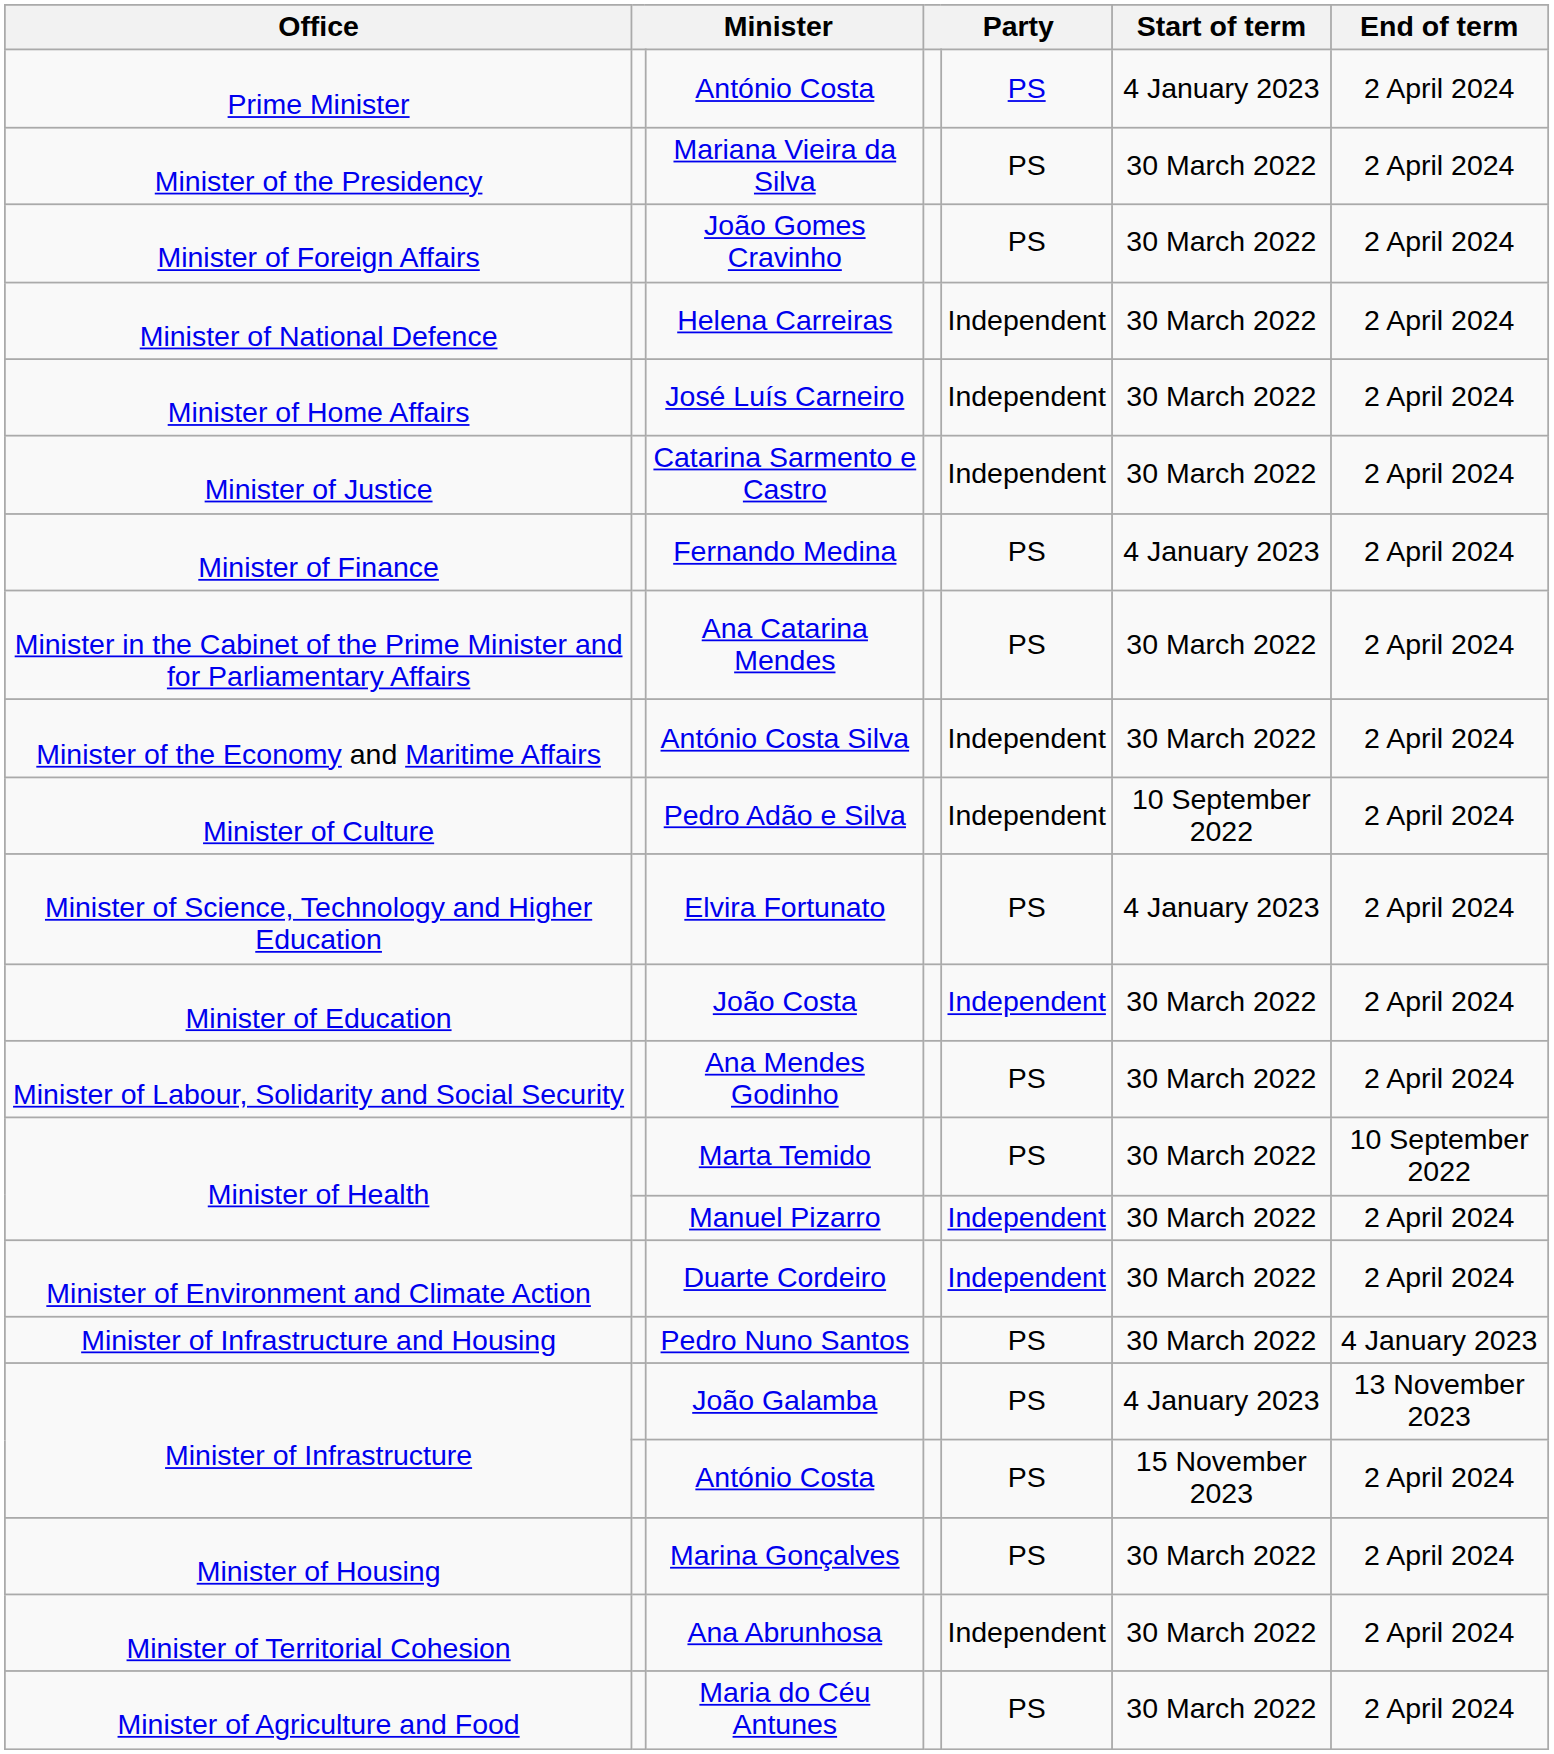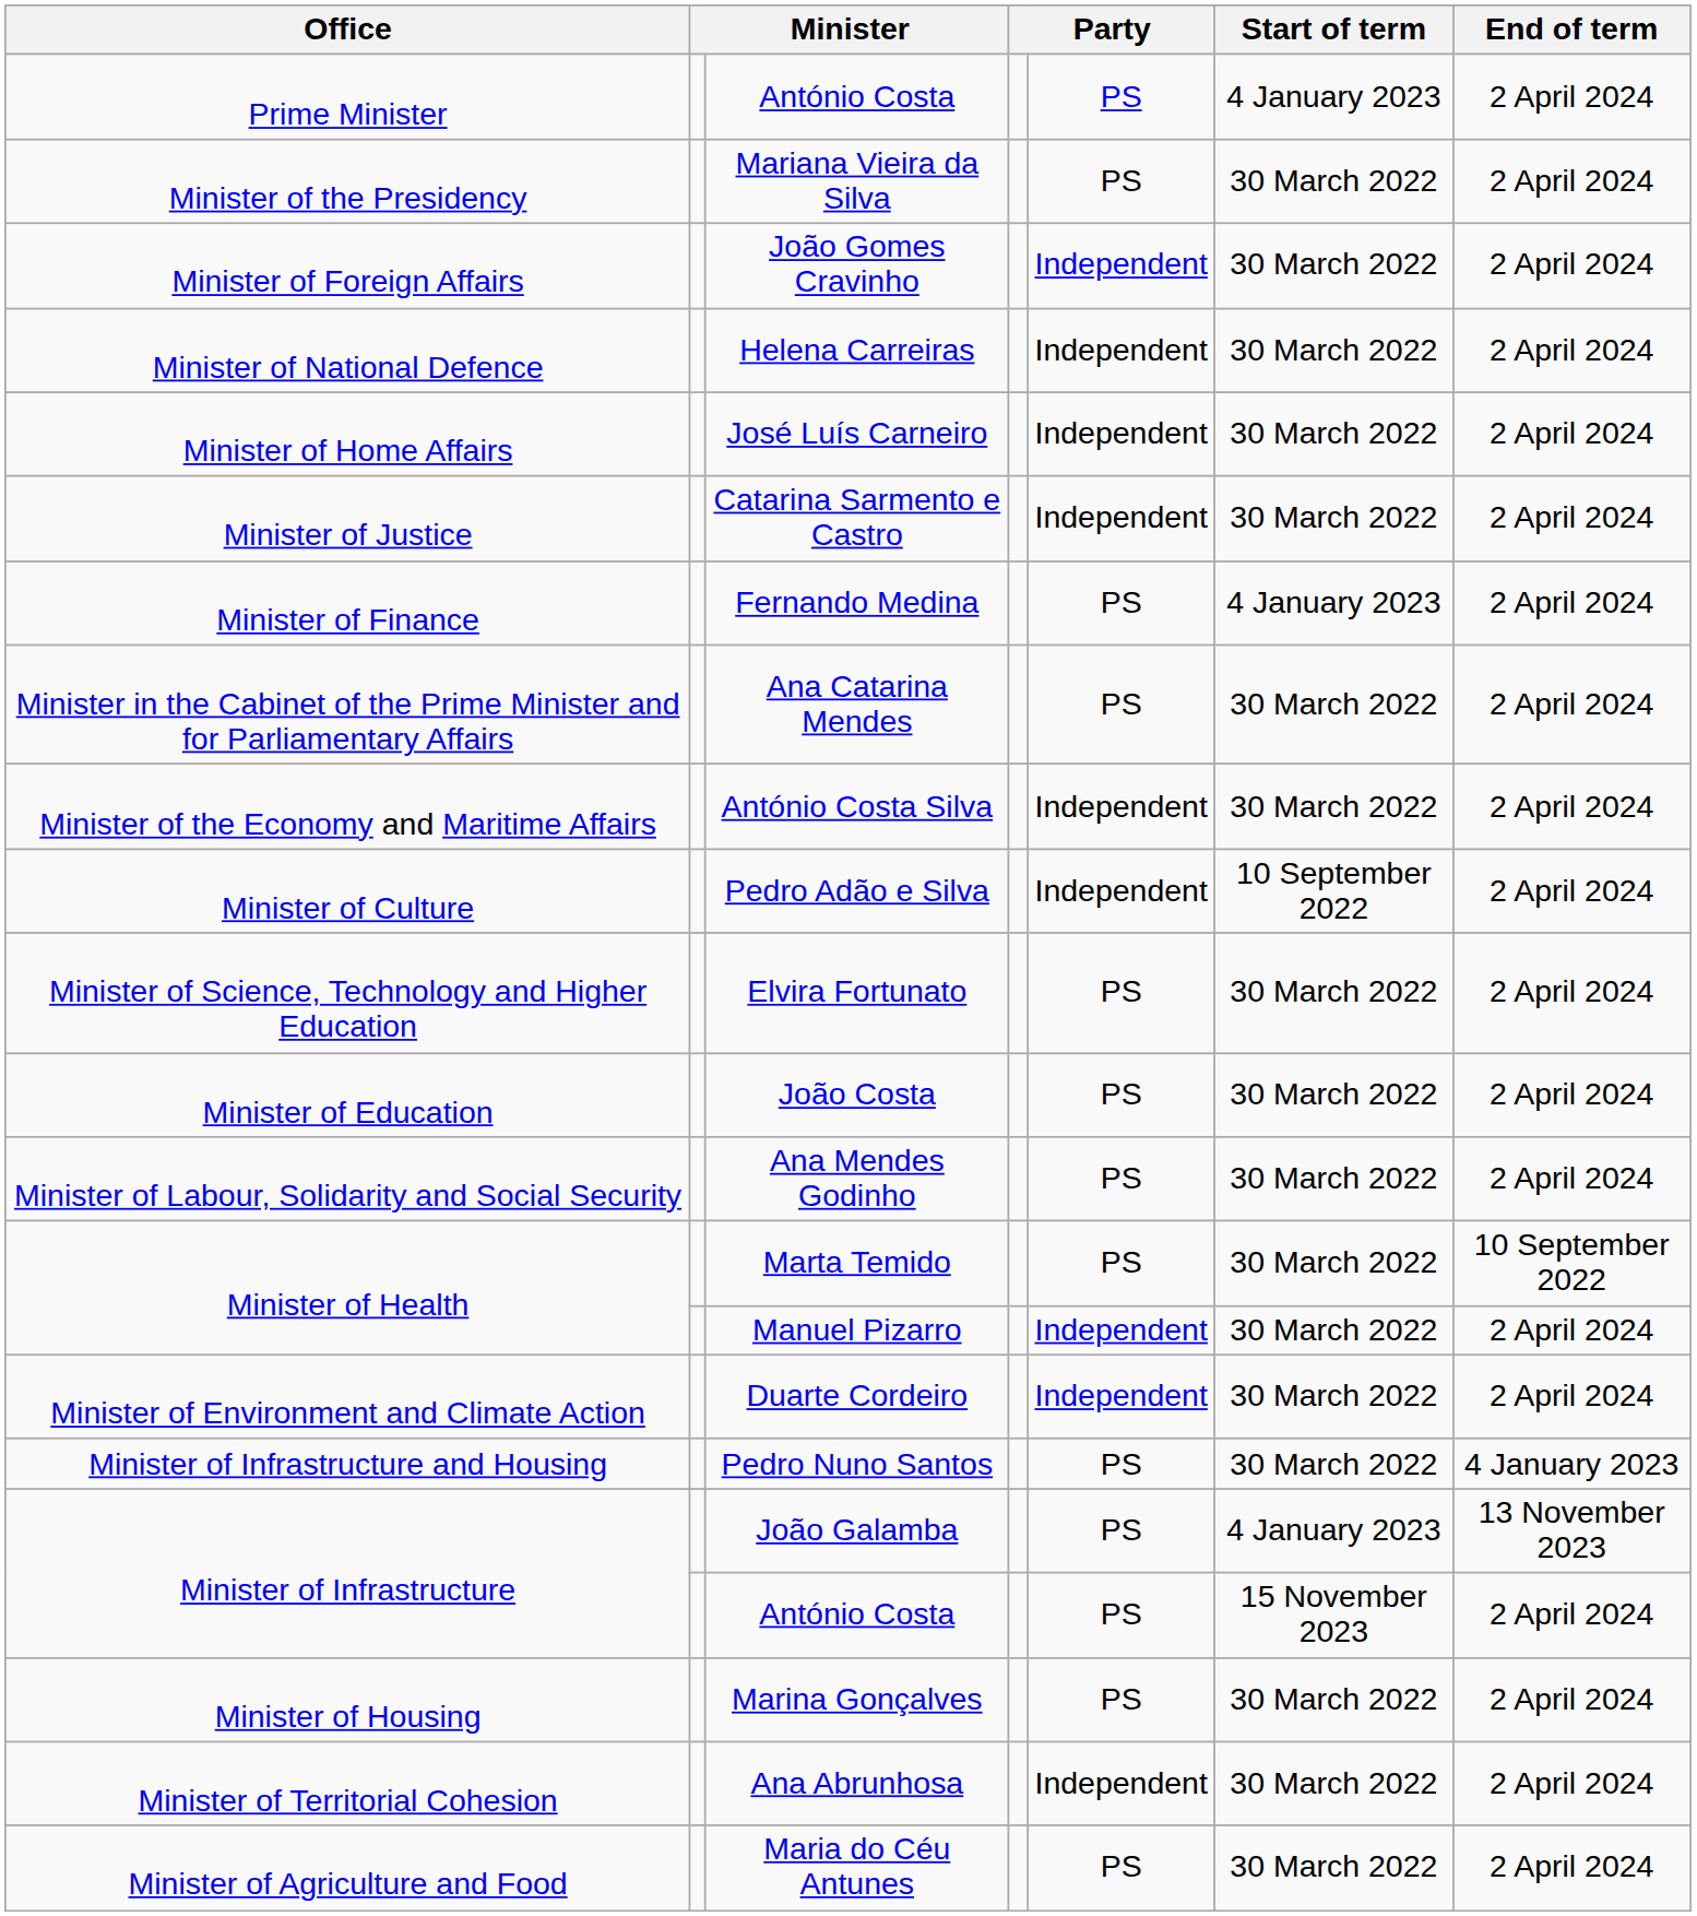 <table class="wikitable" style="text-align:center">
 <tr>
 <th>Office</th>
 <th colspan="2">Minister</th>
 <th colspan="2">Party</th>
 <th>Start of term</th>
 <th>End of term</th>
 </tr>
 <tr>
 <td><br><a href='#'>Prime Minister</a></td>
 <td></td>
 <td><a href='#'>António Costa</a></td>
 <td width="2px" style="background:"></td>
 <td><a href='#'>PS</a></td>
 <td>4 January 2023</td>
 <td>2 April 2024</td>
 </tr>
 <tr>
 <td><br><a href='#'>Minister of the Presidency</a></td>
 <td></td>
 <td><a href='#'>Mariana Vieira da Silva</a></td>
 <td width="2px" style="background:"></td>
 <td>PS</td>
 <td>30 March 2022</td>
 <td>2 April 2024</td>
 </tr>
 <tr>
 <td><br><a href='#'>Minister of Foreign Affairs</a></td>
 <td></td>
 <td><a href='#'>João Gomes Cravinho</a></td>
 <td width="2px" style="background:"></td>
-<td>PS</td>
+<td><a href='#'>Independent</a></td>
 <td>30 March 2022</td>
 <td>2 April 2024</td>
 </tr>
 <tr>
 <td><br><a href='#'>Minister of National Defence</a></td>
 <td></td>
 <td><a href='#'>Helena Carreiras</a></td>
 <td width="2px" style="background:"></td>
 <td>Independent</td>
 <td>30 March 2022</td>
 <td>2 April 2024</td>
 </tr>
 <tr>
 <td><br><a href='#'>Minister of Home Affairs</a></td>
 <td></td>
 <td><a href='#'>José Luís Carneiro</a></td>
 <td width="2px" style="background:"></td>
 <td>Independent</td>
 <td>30 March 2022</td>
 <td>2 April 2024</td>
 </tr>
 <tr>
 <td><br><a href='#'>Minister of Justice</a></td>
 <td></td>
 <td><a href='#'>Catarina Sarmento e Castro</a></td>
 <td width="2px" style="background:"></td>
 <td>Independent</td>
 <td>30 March 2022</td>
 <td>2 April 2024</td>
 </tr>
 <tr>
 <td><br><a href='#'>Minister of Finance</a></td>
 <td></td>
 <td><a href='#'>Fernando Medina</a></td>
 <td width="2px" style="background:"></td>
 <td>PS</td>
 <td>4 January 2023</td>
 <td>2 April 2024</td>
 </tr>
 <tr>
 <td><br><a href='#'>Minister in the Cabinet of the Prime Minister and for Parliamentary Affairs</a></td>
 <td></td>
 <td><a href='#'>Ana Catarina Mendes</a></td>
 <td width="2px" style="background:"></td>
 <td>PS</td>
 <td>30 March 2022</td>
 <td>2 April 2024</td>
 </tr>
 <tr>
 <td><br><a href='#'>Minister of the Economy</a> and <a href='#'>Maritime Affairs</a></td>
 <td></td>
 <td><a href='#'>António Costa Silva</a></td>
 <td width="2px" style="background:"></td>
 <td>Independent</td>
 <td>30 March 2022</td>
 <td>2 April 2024</td>
 </tr>
 <tr>
 <td><br><a href='#'>Minister of Culture</a></td>
 <td></td>
 <td><a href='#'>Pedro Adão e Silva</a></td>
 <td width="2px" style="background:"></td>
 <td>Independent</td>
 <td>10 September 2022</td>
 <td>2 April 2024</td>
 </tr>
 <tr>
 <td><br><a href='#'>Minister of Science, Technology and Higher Education</a></td>
 <td></td>
 <td><a href='#'>Elvira Fortunato</a></td>
 <td width="2px" style="background:"></td>
 <td>PS</td>
-<td>4 January 2023</td>
+<td>30 March 2022</td>
 <td>2 April 2024</td>
 </tr>
 <tr>
 <td><br><a href='#'>Minister of Education</a></td>
 <td></td>
 <td><a href='#'>João Costa</a></td>
 <td width="2px" style="background:"></td>
-<td><a href='#'>Independent</a></td>
+<td>PS</td>
 <td>30 March 2022</td>
 <td>2 April 2024</td>
 </tr>
 <tr>
 <td><br><a href='#'>Minister of Labour, Solidarity and Social Security</a></td>
 <td></td>
 <td><a href='#'>Ana Mendes Godinho</a></td>
 <td width="2px" style="background:"></td>
 <td>PS</td>
 <td>30 March 2022</td>
 <td>2 April 2024</td>
 </tr>
 <tr>
 <td rowspan="2"><br><a href='#'>Minister of Health</a></td>
 <td></td>
 <td><a href='#'>Marta Temido</a></td>
 <td width="2px" style="background:"></td>
 <td>PS</td>
 <td>30 March 2022</td>
 <td>10 September 2022</td>
 </tr>
 <tr>
 <td></td>
 <td><a href='#'>Manuel Pizarro</a></td>
 <td width="2px" style="background:"></td>
 <td><a href='#'>Independent</a></td>
 <td>30 March 2022</td>
 <td>2 April 2024</td>
 </tr>
 <tr>
 <td><br><a href='#'>Minister of Environment and Climate Action</a></td>
 <td></td>
 <td><a href='#'>Duarte Cordeiro</a></td>
 <td width="2px" style="background:"></td>
 <td><a href='#'>Independent</a></td>
 <td>30 March 2022</td>
 <td>2 April 2024</td>
 </tr>
 <tr>
 <td><a href='#'>Minister of Infrastructure and Housing</a></td>
 <td></td>
 <td><a href='#'>Pedro Nuno Santos</a></td>
 <td width="2px" style="background:"></td>
 <td>PS</td>
 <td>30 March 2022</td>
 <td>4 January 2023</td>
 </tr>
 <tr>
 <td rowspan="2"><br><a href='#'>Minister of Infrastructure</a></td>
 <td></td>
 <td><a href='#'>João Galamba</a></td>
 <td width="2px" style="background:"></td>
 <td>PS</td>
 <td>4 January 2023</td>
 <td>13 November 2023</td>
 </tr>
 <tr>
 <td></td>
 <td><a href='#'>António Costa</a></td>
 <td width="2px" style="background:"></td>
 <td>PS</td>
 <td>15 November 2023</td>
 <td>2 April 2024</td>
 </tr>
 <tr>
 <td><br><a href='#'>Minister of Housing</a></td>
 <td></td>
 <td><a href='#'>Marina Gonçalves</a></td>
 <td width="2px" style="background:"></td>
 <td>PS</td>
 <td>30 March 2022</td>
 <td>2 April 2024</td>
 </tr>
 <tr>
 <td><br><a href='#'>Minister of Territorial Cohesion</a></td>
 <td></td>
 <td><a href='#'>Ana Abrunhosa</a></td>
 <td width="2px" style="background:"></td>
 <td>Independent</td>
 <td>30 March 2022</td>
 <td>2 April 2024</td>
 </tr>
 <tr>
 <td><br><a href='#'>Minister of Agriculture and Food</a></td>
 <td></td>
 <td><a href='#'>Maria do Céu Antunes</a></td>
 <td width="2px" style="background:"></td>
 <td>PS</td>
 <td>30 March 2022</td>
 <td>2 April 2024</td>
 </tr>
 </table>
